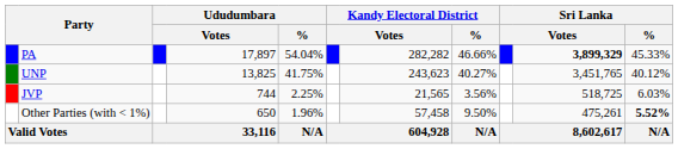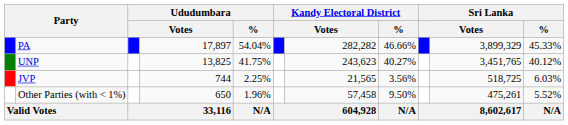 <table class="wikitable">
 <tr>
 <th colspan="2" width="144px"rowspan="2">Party</th>
 <th colspan="3" width="216px">Ududumbara</th>
 <th colspan="3" width="216px"><a href='#'>Kandy Electoral District</a></th>
 <th colspan="3" width="216px">Sri Lanka</th>
 </tr>
 <tr>
 <th colspan="2" width="144px">Votes</th>
 <th>%</th>
 <th colspan="2" width="144px">Votes</th>
 <th>%</th>
 <th colspan="2" width="144px">Votes</th>
 <th>%</th>
 </tr>
 <tr>
 <td style="background-color:blue;" width="10px"></td>
 <td style="text-align:left;"><a href='#'>PA</a></td>
 <td style="background-color:blue;" width="10px"></td>
 <td style="text-align:right;">17,897</td>
 <td style="text-align:right;">54.04%</td>
 <td style="background-color:blue;" width="10px"></td>
 <td style="text-align:right;">282,282</td>
 <td style="text-align:right;">46.66%</td>
 <td style="background-color:blue;" width="10px"></td>
-<td style="text-align:right;"><strong>3,899,329</strong></td>
+<td style="text-align:right;">3,899,329</td>
 <td style="text-align:right;">45.33%</td>
 </tr>
 <tr>
 <td style="background-color:green;" width="10px"></td>
 <td style="text-align:left;"><a href='#'>UNP</a></td>
 <td style="background-color:white;" width="10px"></td>
 <td style="text-align:right;">13,825</td>
 <td style="text-align:right;">41.75%</td>
 <td style="background-color:white;" width="10px"></td>
 <td style="text-align:right;">243,623</td>
 <td style="text-align:right;">40.27%</td>
 <td style="background-color:white;" width="10px"></td>
 <td style="text-align:right;">3,451,765</td>
 <td style="text-align:right;">40.12%</td>
 </tr>
 <tr>
 <td style="background-color:red;" width="10px"></td>
 <td style="text-align:left;"><a href='#'>JVP</a></td>
 <td style="background-color:white;" width="10px"></td>
 <td style="text-align:right;">744</td>
 <td style="text-align:right;">2.25%</td>
 <td style="background-color:white;" width="10px"></td>
 <td style="text-align:right;">21,565</td>
 <td style="text-align:right;">3.56%</td>
 <td style="background-color:white;" width="10px"></td>
 <td style="text-align:right;">518,725</td>
 <td style="text-align:right;">6.03%</td>
 </tr>
 <tr>
 <td style="background-color:white;" width="10px"></td>
 <td style="text-align:left;">Other Parties (with < 1%)</td>
 <td style="background-color:white;" width="10px"></td>
 <td style="text-align:right;">650</td>
 <td style="text-align:right;">1.96%</td>
 <td style="background-color:white;" width="10px"></td>
 <td style="text-align:right;">57,458</td>
 <td style="text-align:right;">9.50%</td>
 <td style="background-color:white;" width="10px"></td>
 <td style="text-align:right;">475,261</td>
-<td style="text-align:right;"><strong>5.52%</strong></td>
+<td style="text-align:right;">5.52%</td>
 </tr>
 <tr>
 <th colspan="2" width="144px"style="text-align:left;">Valid Votes</th>
 <th style="text-align:right;"colspan="2" width="144px">33,116</th>
 <th style="text-align:right;">N/A</th>
 <th style="text-align:right;"colspan="2" width="144px">604,928</th>
 <th style="text-align:right;">N/A</th>
 <th style="text-align:right;"colspan="2" width="144px">8,602,617</th>
 <th style="text-align:right;">N/A</th>
 </tr>
 </table>
